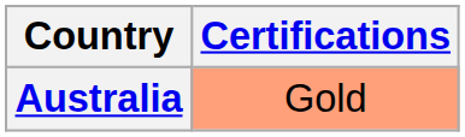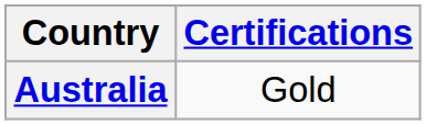 <table class="wikitable sortable plainrowheaders">
 <tr>
 <th scope="col">Country</th>
 <th scope="col"><a href='#'>Certifications</a></th>
 </tr>
 <tr>
 <th scope="row"><a href='#'>Australia</a></th>
-<td style="background: lightsalmon; text-align:center;">Gold</td>
+<td style="text-align:center;">Gold</td>
 </tr>
 </table>
